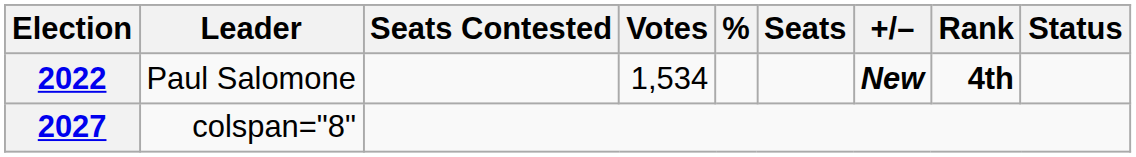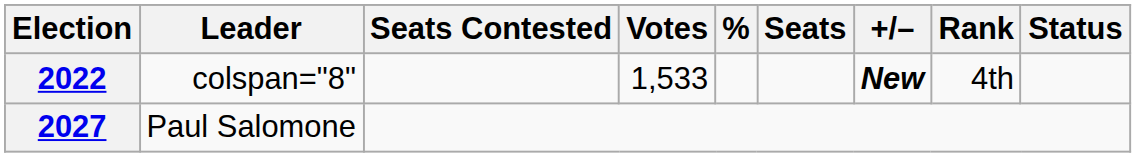 <table class="wikitable" style="text-align:right">
 <tr>
 <th>Election</th>
 <th>Leader</th>
 <th>Seats Contested</th>
 <th>Votes</th>
 <th>%</th>
 <th>Seats</th>
 <th>+/–</th>
 <th>Rank</th>
 <th>Status</th>
 </tr>
 <tr>
 <th><a href='#'>2022</a></th>
-<td align="left">Paul Salomone</td>
+<td>colspan="8" </td>
 <td></td>
-<td>1,534</td>
+<td>1,533</td>
 <td></td>
 <td></td>
 <td><strong><em>New</em></strong></td>
-<td><strong>4th</strong></td>
+<td>4th</td>
 <td></td>
 </tr>
 <tr>
 <th><a href='#'>2027</a></th>
-<td>colspan="8" </td>
+<td align="left">Paul Salomone</td>
 </tr>
 </table>
